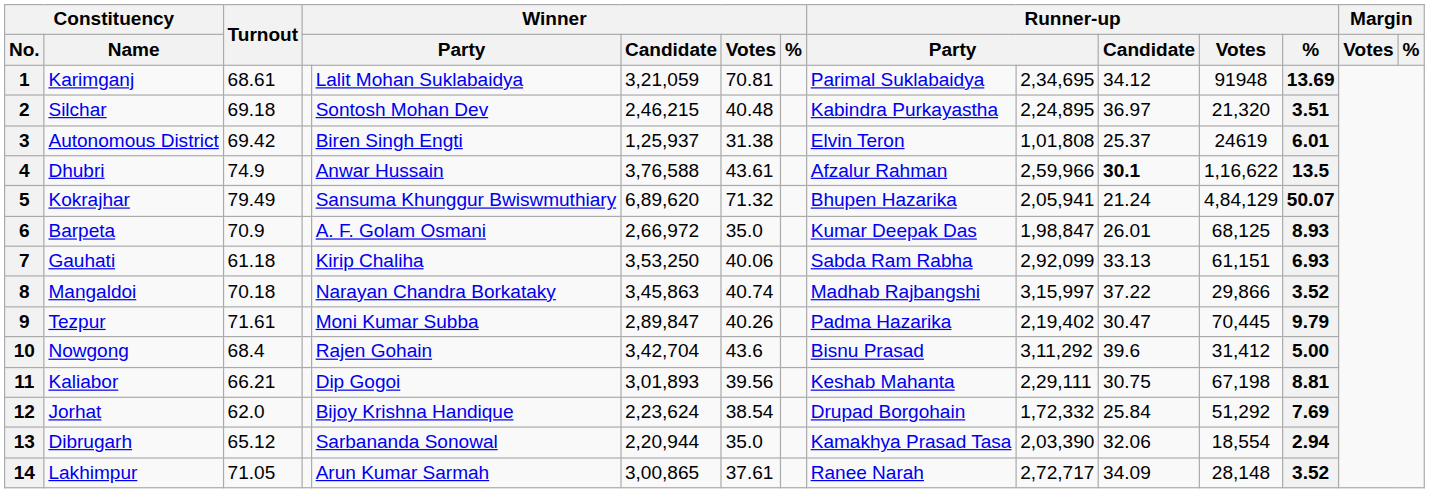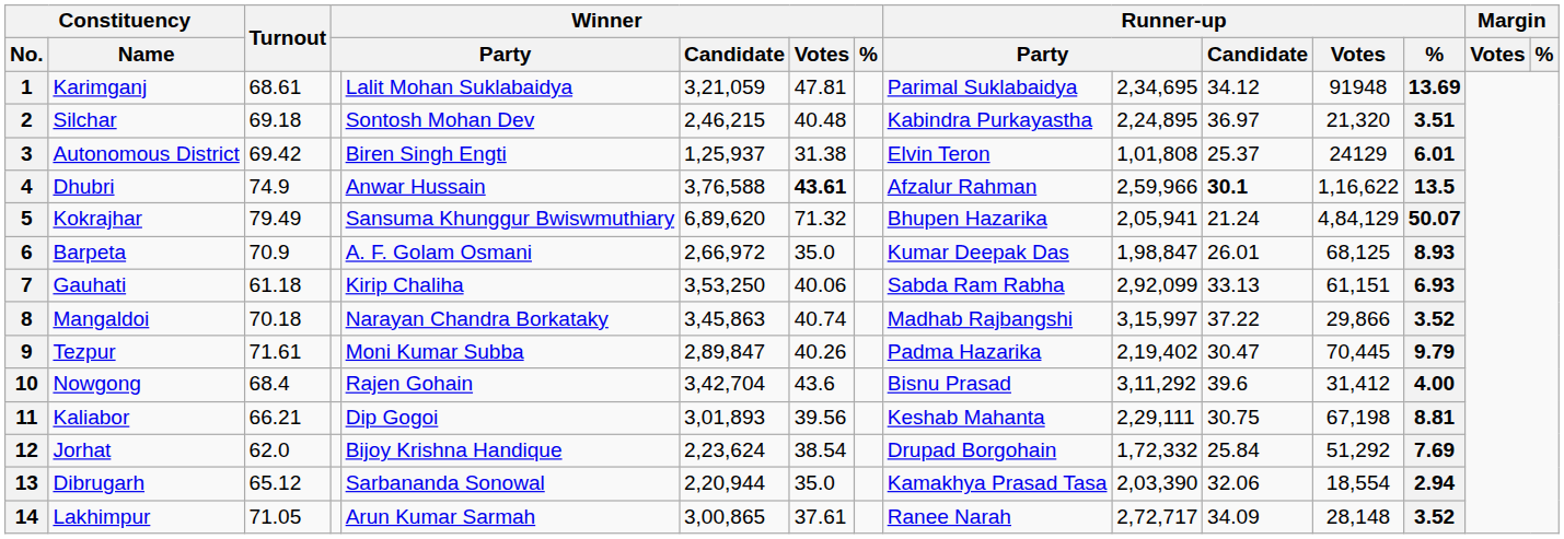 <table class="wikitable sortable">
 <tr>
 <th colspan="2">Constituency</th>
 <th rowspan="2">Turnout</th>
 <th colspan="5">Winner</th>
 <th colspan="5">Runner-up</th>
 <th colspan="2">Margin</th>
 </tr>
 <tr>
 <th>No.</th>
 <th>Name</th>
 <th colspan="2">Party</th>
 <th>Candidate</th>
 <th>Votes</th>
 <th>%</th>
 <th colspan="2">Party</th>
 <th>Candidate</th>
 <th>Votes</th>
 <th>%</th>
 <th>Votes</th>
 <th>%</th>
 </tr>
 <tr>
 <th>1</th>
 <td><a href='#'>Karimganj</a></td>
 <td>68.61</td>
 <td></td>
 <td><a href='#'>Lalit Mohan Suklabaidya</a></td>
 <td>3,21,059</td>
-<td>70.81</td>
+<td>47.81</td>
 <td></td>
 <td><a href='#'>Parimal Suklabaidya</a></td>
 <td>2,34,695</td>
 <td>34.12</td>
 <td style="text-align:center;background:">91948</td>
 <th>13.69</th>
 </tr>
 <tr>
 <th>2</th>
 <td><a href='#'>Silchar</a></td>
 <td>69.18</td>
 <td></td>
 <td><a href='#'>Sontosh Mohan Dev</a></td>
 <td>2,46,215</td>
 <td>40.48</td>
 <td></td>
 <td><a href='#'>Kabindra Purkayastha</a></td>
 <td>2,24,895</td>
 <td>36.97</td>
 <td style="text-align:center;background:">21,320</td>
 <th>3.51</th>
 </tr>
 <tr>
 <th>3</th>
 <td><a href='#'>Autonomous District</a></td>
 <td>69.42</td>
 <td></td>
 <td><a href='#'>Biren Singh Engti</a></td>
 <td>1,25,937</td>
 <td>31.38</td>
 <td></td>
 <td><a href='#'>Elvin Teron</a></td>
 <td>1,01,808</td>
 <td>25.37</td>
-<td style="text-align:center;background:">24619</td>
+<td style="text-align:center;background:">24129</td>
 <th>6.01</th>
 </tr>
 <tr>
 <th>4</th>
 <td><a href='#'>Dhubri</a></td>
 <td>74.9</td>
 <td></td>
 <td><a href='#'>Anwar Hussain</a></td>
 <td>3,76,588</td>
-<td>43.61</td>
+<td><strong>43.61</strong></td>
 <td></td>
 <td><a href='#'>Afzalur Rahman</a></td>
 <td>2,59,966</td>
 <td><strong>30.1</strong></td>
 <td style="text-align:center;background:">1,16,622</td>
 <th>13.5</th>
 </tr>
 <tr>
 <th>5</th>
 <td><a href='#'>Kokrajhar</a></td>
 <td>79.49</td>
 <td></td>
 <td><a href='#'>Sansuma Khunggur Bwiswmuthiary</a></td>
 <td>6,89,620</td>
 <td>71.32</td>
 <td></td>
 <td><a href='#'>Bhupen Hazarika</a></td>
 <td>2,05,941</td>
 <td>21.24</td>
 <td style="text-align:center;background:">4,84,129</td>
 <th>50.07</th>
 </tr>
 <tr>
 <th>6</th>
 <td><a href='#'>Barpeta</a></td>
 <td>70.9</td>
 <td></td>
 <td><a href='#'>A. F. Golam Osmani</a></td>
 <td>2,66,972</td>
 <td>35.0</td>
 <td></td>
 <td><a href='#'>Kumar Deepak Das</a></td>
 <td>1,98,847</td>
 <td>26.01</td>
 <td style="text-align:center;background:">68,125</td>
 <th>8.93</th>
 </tr>
 <tr>
 <th>7</th>
 <td><a href='#'>Gauhati</a></td>
 <td>61.18</td>
 <td></td>
 <td><a href='#'>Kirip Chaliha</a></td>
 <td>3,53,250</td>
 <td>40.06</td>
 <td></td>
 <td><a href='#'>Sabda Ram Rabha</a></td>
 <td>2,92,099</td>
 <td>33.13</td>
 <td style="text-align:center;background:">61,151</td>
 <th>6.93</th>
 </tr>
 <tr>
 <th>8</th>
 <td><a href='#'>Mangaldoi</a></td>
 <td>70.18</td>
 <td></td>
 <td><a href='#'>Narayan Chandra Borkataky</a></td>
 <td>3,45,863</td>
 <td>40.74</td>
 <td></td>
 <td><a href='#'>Madhab Rajbangshi</a></td>
 <td>3,15,997</td>
 <td>37.22</td>
 <td style="text-align:center;background:">29,866</td>
 <th>3.52</th>
 </tr>
 <tr>
 <th>9</th>
 <td><a href='#'>Tezpur</a></td>
 <td>71.61</td>
 <td></td>
 <td><a href='#'>Moni Kumar Subba</a></td>
 <td>2,89,847</td>
 <td>40.26</td>
 <td></td>
 <td><a href='#'>Padma Hazarika</a></td>
 <td>2,19,402</td>
 <td>30.47</td>
 <td style="text-align:center;background:">70,445</td>
 <th>9.79</th>
 </tr>
 <tr>
 <th>10</th>
 <td><a href='#'>Nowgong</a></td>
 <td>68.4</td>
 <td></td>
 <td><a href='#'>Rajen Gohain</a></td>
 <td>3,42,704</td>
 <td>43.6</td>
 <td></td>
 <td><a href='#'>Bisnu Prasad</a></td>
 <td>3,11,292</td>
 <td>39.6</td>
 <td style="text-align:center;background:">31,412</td>
-<th>5.00</th>
+<th>4.00</th>
 </tr>
 <tr>
 <th>11</th>
 <td><a href='#'>Kaliabor</a></td>
 <td>66.21</td>
 <td></td>
 <td><a href='#'>Dip Gogoi</a></td>
 <td>3,01,893</td>
 <td>39.56</td>
 <td></td>
 <td><a href='#'>Keshab Mahanta</a></td>
 <td>2,29,111</td>
 <td>30.75</td>
 <td style="text-align:center;background:">67,198</td>
 <th>8.81</th>
 </tr>
 <tr>
 <th>12</th>
 <td><a href='#'>Jorhat</a></td>
 <td>62.0</td>
 <td></td>
 <td><a href='#'>Bijoy Krishna Handique</a></td>
 <td>2,23,624</td>
 <td>38.54</td>
 <td></td>
 <td><a href='#'>Drupad Borgohain</a></td>
 <td>1,72,332</td>
 <td>25.84</td>
 <td style="text-align:center;background:">51,292</td>
 <th>7.69</th>
 </tr>
 <tr>
 <th>13</th>
 <td><a href='#'>Dibrugarh</a></td>
 <td>65.12</td>
 <td></td>
 <td><a href='#'>Sarbananda Sonowal</a></td>
 <td>2,20,944</td>
 <td>35.0</td>
 <td></td>
 <td><a href='#'>Kamakhya Prasad Tasa</a></td>
 <td>2,03,390</td>
 <td>32.06</td>
 <td style="text-align:center;background:">18,554</td>
 <th>2.94</th>
 </tr>
 <tr>
 <th>14</th>
 <td><a href='#'>Lakhimpur</a></td>
 <td>71.05</td>
 <td></td>
 <td><a href='#'>Arun Kumar Sarmah</a></td>
 <td>3,00,865</td>
 <td>37.61</td>
 <td></td>
 <td><a href='#'>Ranee Narah</a></td>
 <td>2,72,717</td>
 <td>34.09</td>
 <td style="text-align:center;background:">28,148</td>
 <th>3.52</th>
 </tr>
 </table>
